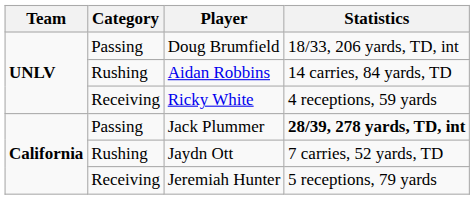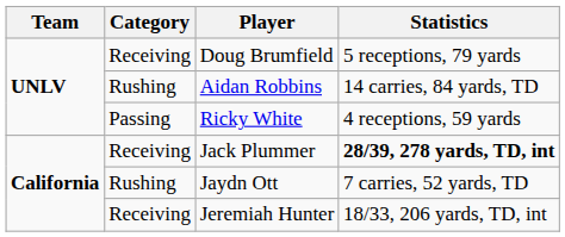 <table class="wikitable" style="float: right;">
 <tr>
 <th>Team</th>
 <th>Category</th>
 <th>Player</th>
 <th>Statistics</th>
 </tr>
 <tr>
 <td rowspan=3><strong>UNLV</strong></td>
-<td>Passing</td>
+<td>Receiving</td>
 <td>Doug Brumfield</td>
-<td>18/33, 206 yards, TD, int</td>
+<td>5 receptions, 79 yards</td>
 </tr>
 <tr>
 <td>Rushing</td>
 <td><a href='#'>Aidan Robbins</a></td>
 <td>14 carries, 84 yards, TD</td>
 </tr>
 <tr>
-<td>Receiving</td>
+<td>Passing</td>
 <td><a href='#'>Ricky White</a></td>
 <td>4 receptions, 59 yards</td>
 </tr>
 <tr>
 <td rowspan=3><strong>California</strong></td>
-<td>Passing</td>
+<td>Receiving</td>
 <td>Jack Plummer</td>
 <td><strong>28/39, 278 yards, TD, int</strong></td>
 </tr>
 <tr>
 <td>Rushing</td>
 <td>Jaydn Ott</td>
 <td>7 carries, 52 yards, TD</td>
 </tr>
 <tr>
 <td>Receiving</td>
 <td>Jeremiah Hunter</td>
-<td>5 receptions, 79 yards</td>
+<td>18/33, 206 yards, TD, int</td>
 </tr>
 </table>
